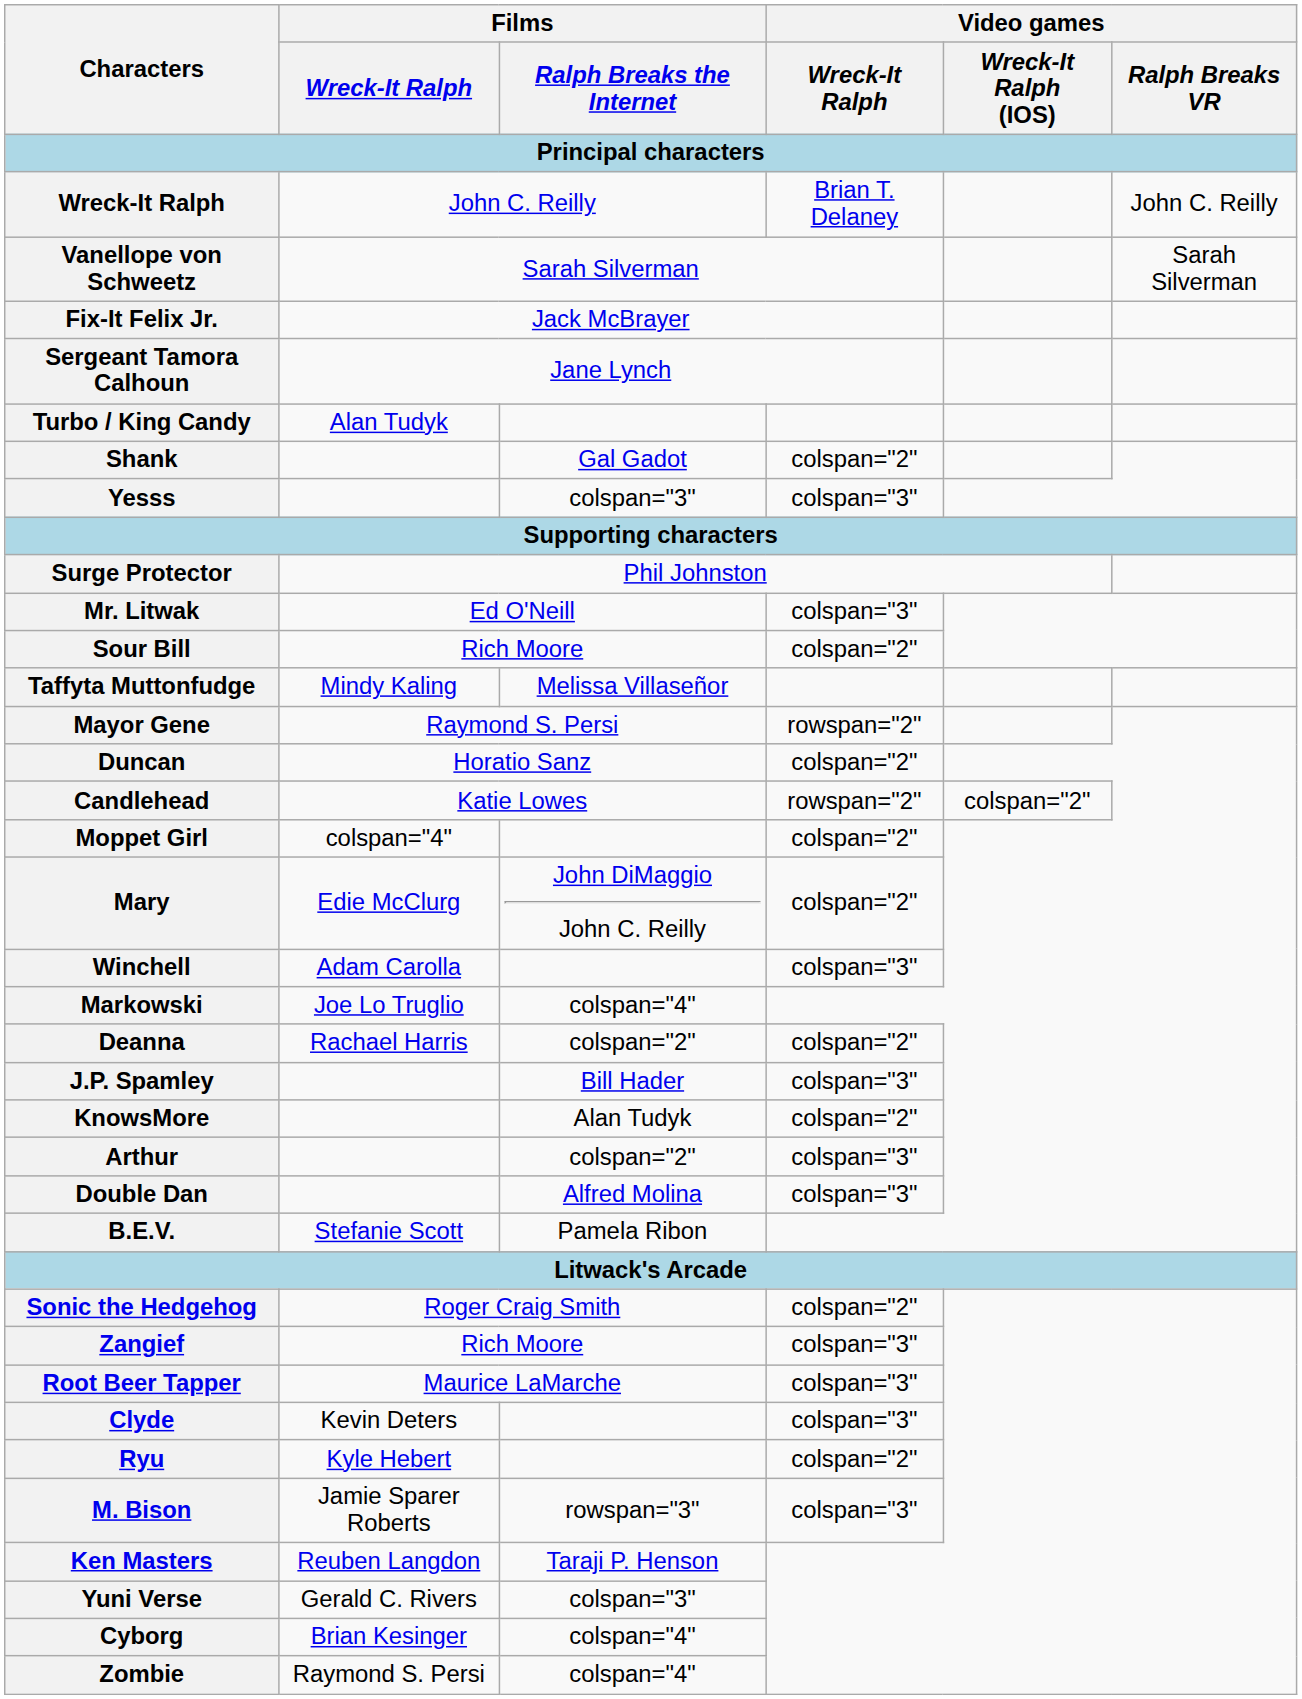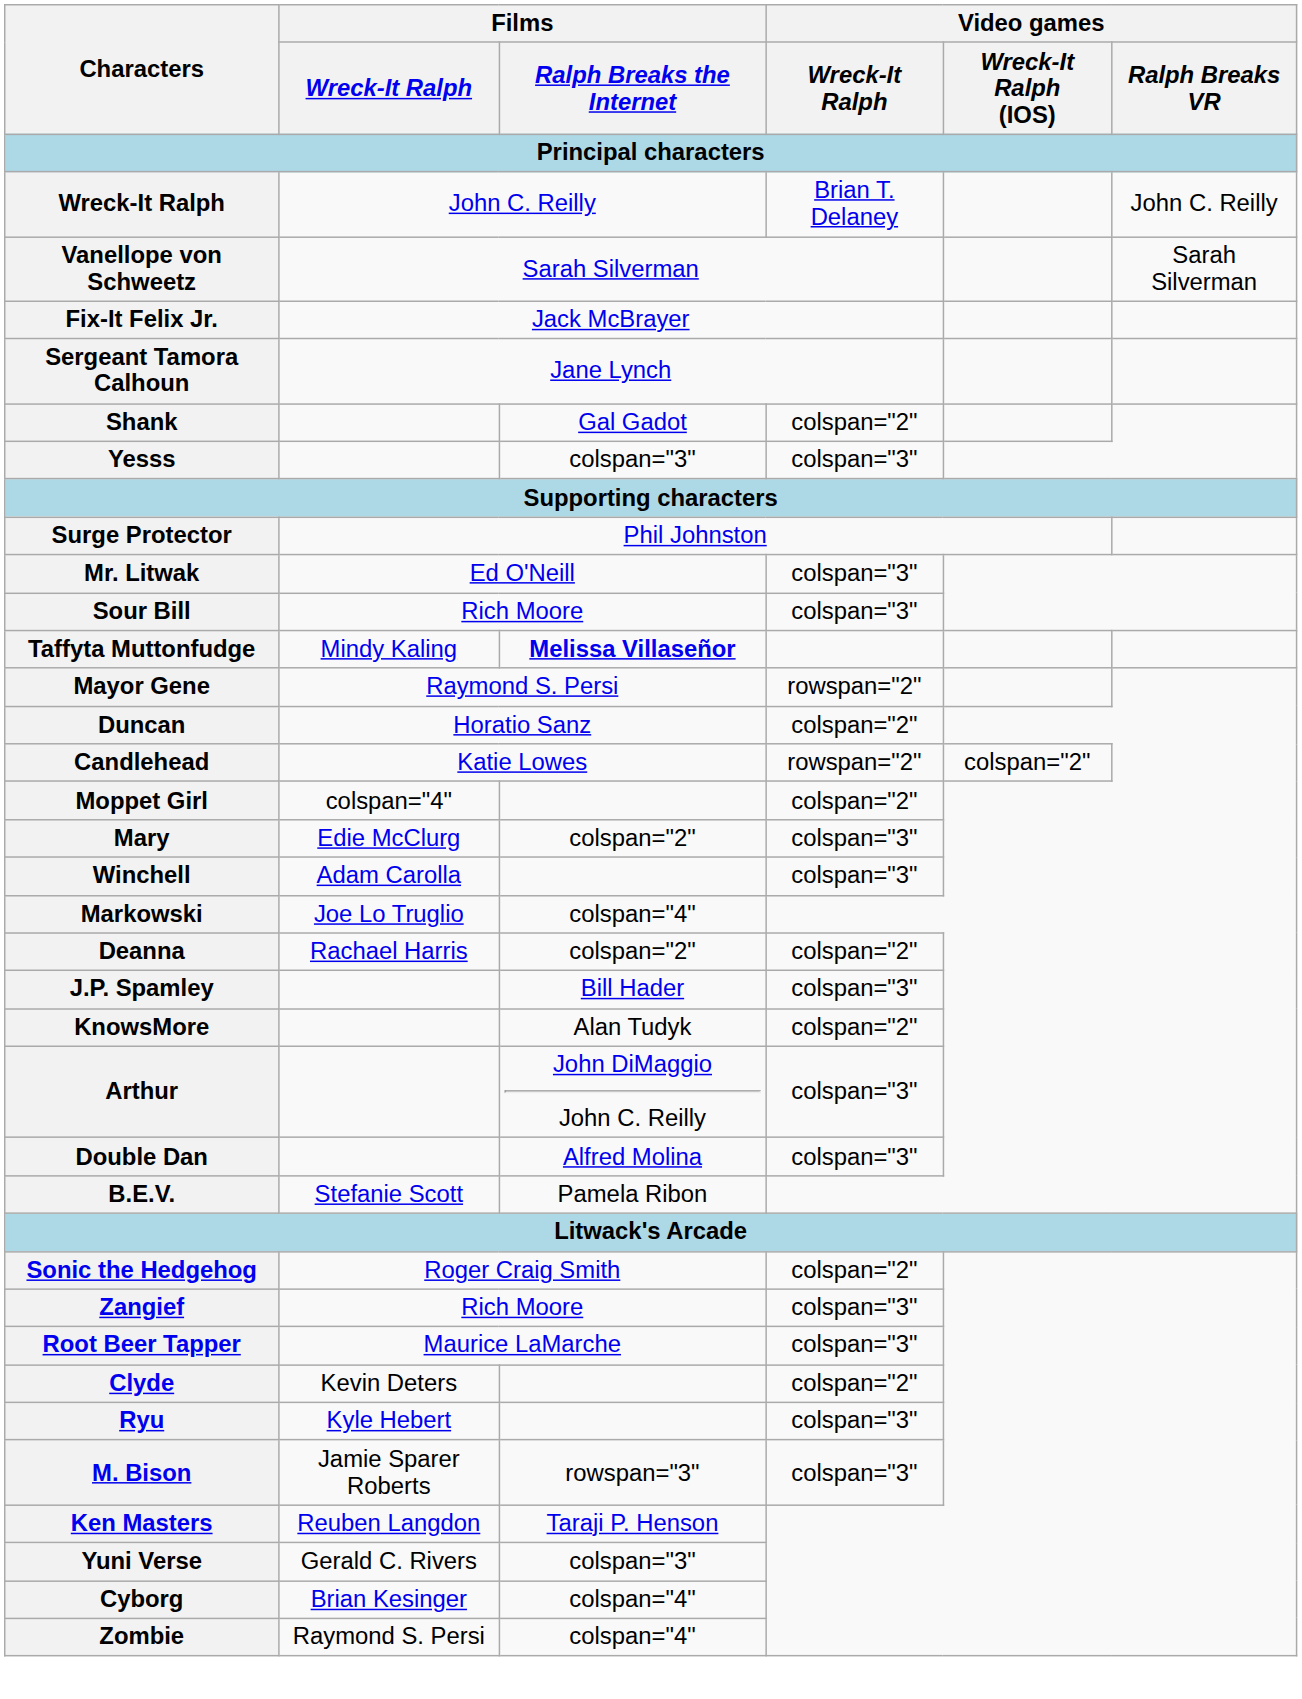 <table class="wikitable" style="text-align:center;">
 <tr>
 <th rowspan="2">Characters</th>
 <th colspan="2">Films</th>
 <th colspan="3">Video games</th>
 </tr>
 <tr>
 <th><em><a href='#'>Wreck-It Ralph</a></em></th>
 <th><em><a href='#'>Ralph Breaks the Internet</a></em></th>
 <th><em>Wreck-It Ralph</em></th>
 <th><em>Wreck-It Ralph</em><br>(IOS)</th>
 <th><em>Ralph Breaks VR</em></th>
 </tr>
 <tr>
 <th colspan="6" style="background:lightblue;">Principal characters</th>
 </tr>
 <tr>
 <th>Wreck-It Ralph</th>
 <td colspan="2"><a href='#'>John C. Reilly</a></td>
 <td><a href='#'>Brian T. Delaney</a></td>
 <td></td>
 <td>John C. Reilly</td>
 </tr>
 <tr>
 <th>Vanellope von Schweetz</th>
 <td colspan="3"><a href='#'>Sarah Silverman</a></td>
 <td></td>
 <td>Sarah Silverman</td>
 </tr>
 <tr>
 <th>Fix-It Felix Jr.</th>
 <td colspan="3"><a href='#'>Jack McBrayer</a></td>
 <td></td>
 <td></td>
 </tr>
 <tr>
 <th>Sergeant Tamora Calhoun</th>
 <td colspan="3"><a href='#'>Jane Lynch</a></td>
 <td></td>
 <td></td>
 </tr>
 <tr>
-<th>Turbo / King Candy</th>
-<td><a href='#'>Alan Tudyk</a></td>
-<td></td>
-<td></td>
-<td></td>
-<td></td>
-</tr>
-<tr>
 <th>Shank</th>
 <td></td>
 <td><a href='#'>Gal Gadot</a></td>
 <td>colspan="2" </td>
 <td></td>
 </tr>
 <tr>
 <th>Yesss</th>
 <td></td>
 <td>colspan="3" </td>
 <td>colspan="3" </td>
 </tr>
 <tr>
 <th colspan="6" style="background:lightblue;">Supporting characters</th>
 </tr>
 <tr>
 <th>Surge Protector</th>
 <td colspan="4"><a href='#'>Phil Johnston</a></td>
 <td></td>
 </tr>
 <tr>
 <th>Mr. Litwak</th>
 <td colspan="2"><a href='#'>Ed O'Neill</a></td>
 <td>colspan="3" </td>
 </tr>
 <tr>
 <th>Sour Bill</th>
 <td colspan="2"><a href='#'>Rich Moore</a></td>
-<td>colspan="2" </td>
+<td>colspan="3" </td>
 </tr>
 <tr>
 <th>Taffyta Muttonfudge</th>
 <td><a href='#'>Mindy Kaling</a></td>
-<td><a href='#'>Melissa Villaseñor</a></td>
+<td><strong><a href='#'>Melissa Villaseñor</a></strong></td>
 <td></td>
 <td></td>
 <td></td>
 </tr>
 <tr>
 <th>Mayor Gene</th>
 <td colspan="2"><a href='#'>Raymond S. Persi</a></td>
 <td>rowspan="2" </td>
 <td></td>
 </tr>
 <tr>
 <th>Duncan</th>
 <td colspan="2"><a href='#'>Horatio Sanz</a></td>
 <td>colspan="2" </td>
 </tr>
 <tr>
 <th>Candlehead</th>
 <td colspan="2"><a href='#'>Katie Lowes</a></td>
 <td>rowspan="2" </td>
 <td>colspan="2" </td>
 </tr>
 <tr>
 <th>Moppet Girl</th>
 <td>colspan="4" </td>
 <td></td>
 <td>colspan="2" </td>
 </tr>
 <tr>
 <th>Mary</th>
 <td><a href='#'>Edie McClurg</a></td>
-<td><a href='#'>John DiMaggio</a><hr>John C. Reilly</td>
 <td>colspan="2" </td>
+<td>colspan="3" </td>
 </tr>
 <tr>
 <th>Winchell</th>
 <td><a href='#'>Adam Carolla</a></td>
 <td></td>
 <td>colspan="3" </td>
 </tr>
 <tr>
 <th>Markowski</th>
 <td><a href='#'>Joe Lo Truglio</a></td>
 <td>colspan="4" </td>
 </tr>
 <tr>
 <th>Deanna</th>
 <td><a href='#'>Rachael Harris</a></td>
 <td>colspan="2" </td>
 <td>colspan="2" </td>
 </tr>
 <tr>
 <th>J.P. Spamley</th>
 <td></td>
 <td><a href='#'>Bill Hader</a></td>
 <td>colspan="3" </td>
 </tr>
 <tr>
 <th>KnowsMore</th>
 <td></td>
 <td>Alan Tudyk</td>
 <td>colspan="2" </td>
 </tr>
 <tr>
 <th>Arthur</th>
 <td></td>
-<td>colspan="2" </td>
+<td><a href='#'>John DiMaggio</a><hr>John C. Reilly</td>
 <td>colspan="3" </td>
 </tr>
 <tr>
 <th>Double Dan</th>
 <td></td>
 <td><a href='#'>Alfred Molina</a></td>
 <td>colspan="3" </td>
 </tr>
 <tr>
 <th>B.E.V.</th>
 <td><a href='#'>Stefanie Scott</a></td>
 <td>Pamela Ribon</td>
 </tr>
 <tr>
 <th colspan="6" style="background:lightblue;">Litwack's Arcade</th>
 </tr>
 <tr>
 <th><a href='#'>Sonic the Hedgehog</a></th>
 <td colspan="2"><a href='#'>Roger Craig Smith</a></td>
 <td>colspan="2" </td>
 </tr>
 <tr>
 <th><a href='#'>Zangief</a></th>
 <td colspan="2"><a href='#'>Rich Moore</a></td>
 <td>colspan="3" </td>
 </tr>
 <tr>
 <th><a href='#'>Root Beer Tapper</a></th>
 <td colspan="2"><a href='#'>Maurice LaMarche</a></td>
 <td>colspan="3" </td>
 </tr>
 <tr>
 <th><a href='#'>Clyde</a></th>
 <td>Kevin Deters</td>
 <td></td>
-<td>colspan="3" </td>
+<td>colspan="2" </td>
 </tr>
 <tr>
 <th><a href='#'>Ryu</a></th>
 <td><a href='#'>Kyle Hebert</a></td>
 <td></td>
-<td>colspan="2" </td>
+<td>colspan="3" </td>
 </tr>
 <tr>
 <th><a href='#'>M. Bison</a></th>
 <td>Jamie Sparer Roberts</td>
 <td>rowspan="3" </td>
 <td>colspan="3" </td>
 </tr>
 <tr>
 <th><a href='#'>Ken Masters</a></th>
 <td><a href='#'>Reuben Langdon</a></td>
 <td><a href='#'>Taraji P. Henson</a></td>
 </tr>
 <tr>
 <th>Yuni Verse</th>
 <td>Gerald C. Rivers</td>
 <td>colspan="3" </td>
 </tr>
 <tr>
 <th>Cyborg</th>
 <td><a href='#'>Brian Kesinger</a></td>
 <td>colspan="4" </td>
 </tr>
 <tr>
 <th>Zombie</th>
 <td>Raymond S. Persi</td>
 <td>colspan="4" </td>
 </tr>
 </table>
